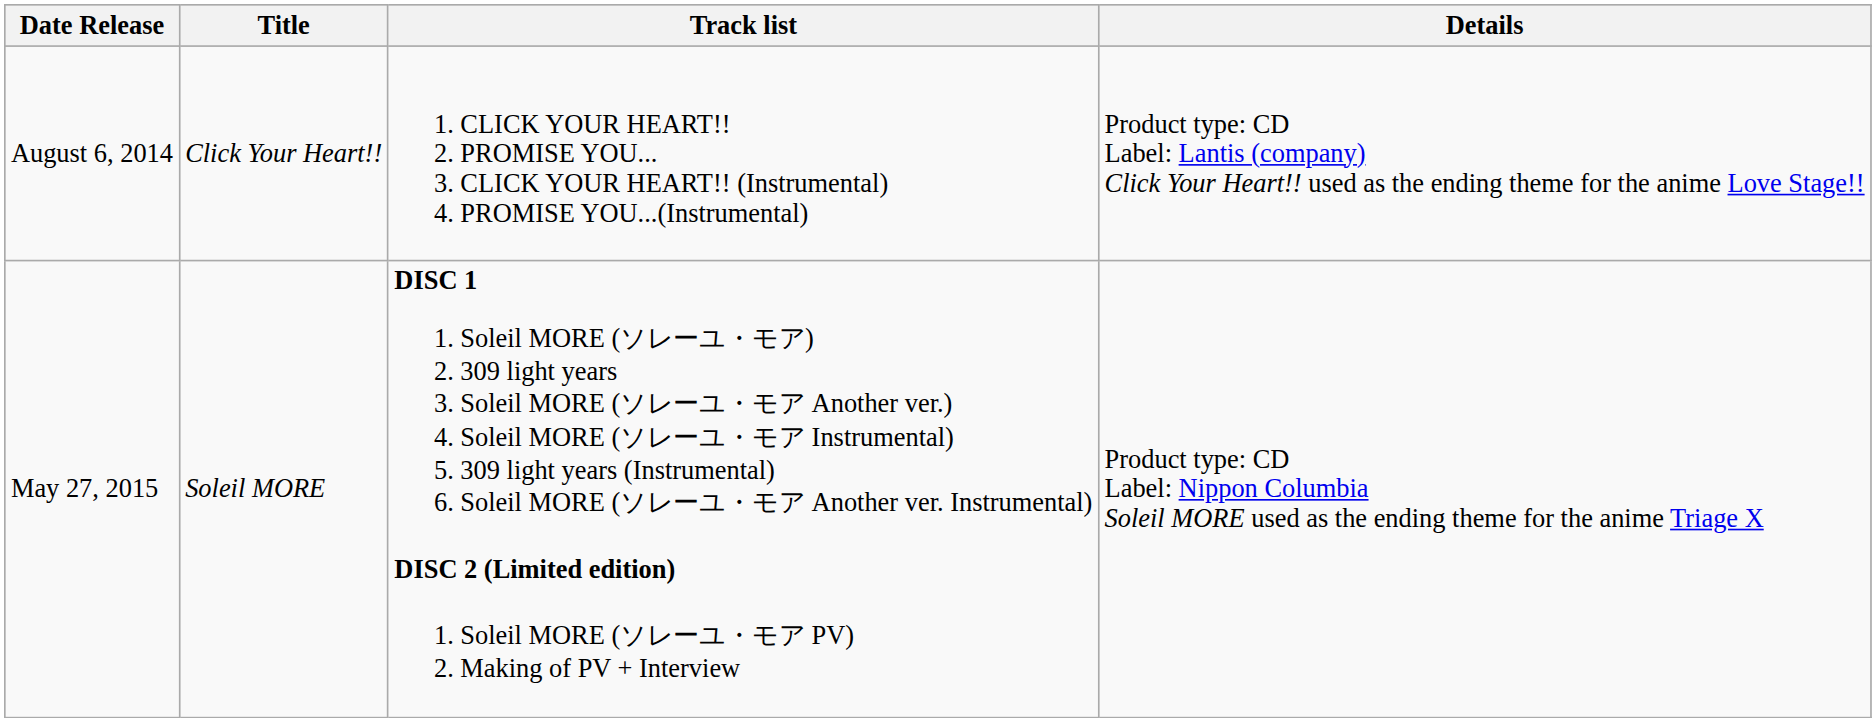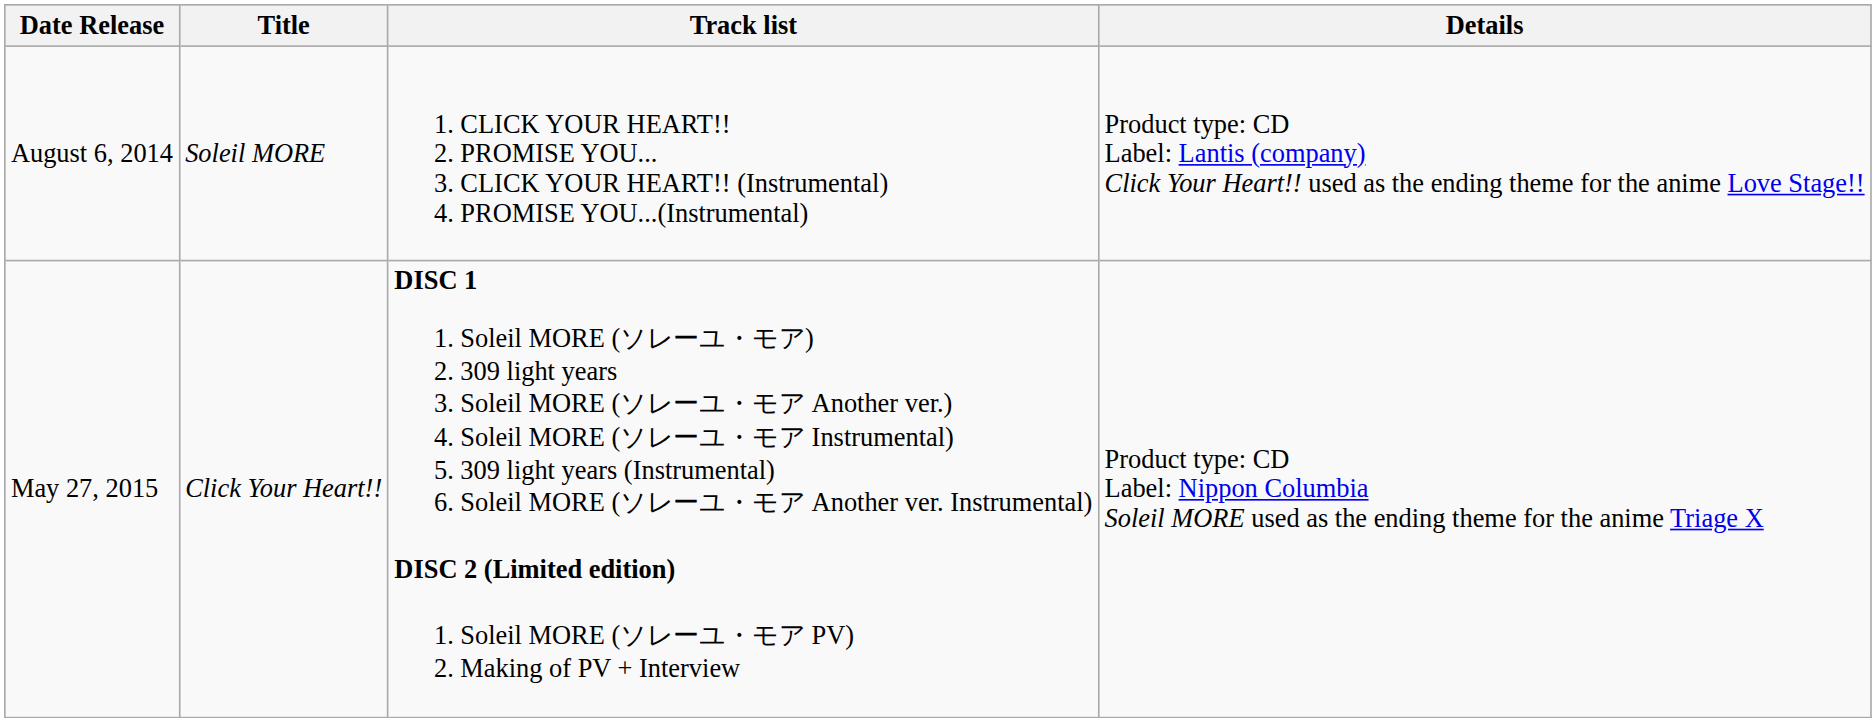 <table class="wikitable">
 <tr>
 <th>Date Release</th>
 <th>Title</th>
 <th>Track list</th>
 <th>Details</th>
 </tr>
 <tr>
 <td>August 6, 2014</td>
-<td><em>Click Your Heart!!</em></td>
+<td><em>Soleil MORE</em></td>
 <td><br><ol><li>CLICK YOUR HEART!!</li><li>PROMISE YOU...</li><li>CLICK YOUR HEART!! (Instrumental)</li><li>PROMISE YOU...(Instrumental)</li></ol></td>
 <td>Product type: CD<br>Label: <a href='#'>Lantis (company)</a><br><em>Click Your Heart!!</em> used as the ending theme for the anime <a href='#'>Love Stage!!</a></td>
 </tr>
 <tr>
 <td>May 27, 2015</td>
-<td><em>Soleil MORE</em></td>
+<td><em>Click Your Heart!!</em></td>
 <td><strong>DISC 1</strong><br><ol><li>Soleil MORE (ソレーユ・モア)</li><li>309 light years</li><li>Soleil MORE (ソレーユ・モア Another ver.)</li><li>Soleil MORE (ソレーユ・モア Instrumental)</li><li>309 light years (Instrumental)</li><li>Soleil MORE (ソレーユ・モア Another ver. Instrumental)</li></ol><h4>DISC 2 (Limited edition)</h4><ol><li>Soleil MORE (ソレーユ・モア PV)</li><li>Making of PV + Interview</li></ol></td>
 <td>Product type: CD<br>Label: <a href='#'>Nippon Columbia</a><br><em>Soleil MORE</em> used as the ending theme for the anime <a href='#'>Triage X</a></td>
 </tr>
 </table>
